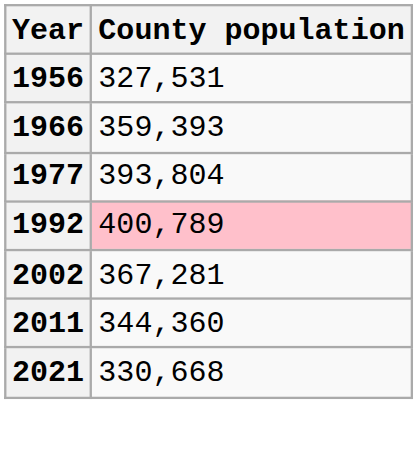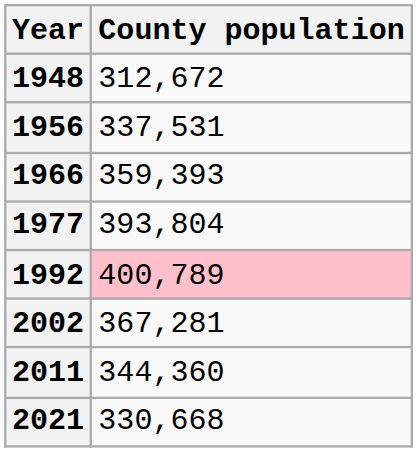 <table class="wikitable" style="float:right">
 <tr>
 <th>Year</th>
 <th>County population</th>
 </tr>
 <tr>
+<th>1948</th>
+<td>312,672 </td>
+</tr>
+<tr>
 <th>1956</th>
-<td>327,531 </td>
+<td>337,531 </td>
 </tr>
 <tr>
 <th>1966</th>
 <td>359,393 </td>
 </tr>
 <tr>
 <th>1977</th>
 <td>393,804 </td>
 </tr>
 <tr>
 <th>1992</th>
 <td style="background: pink;">400,789 </td>
 </tr>
 <tr>
 <th>2002</th>
 <td>367,281 </td>
 </tr>
 <tr>
 <th>2011</th>
 <td>344,360 </td>
 </tr>
 <tr>
 <th>2021</th>
 <td>330,668 </td>
 </tr>
 </table>
